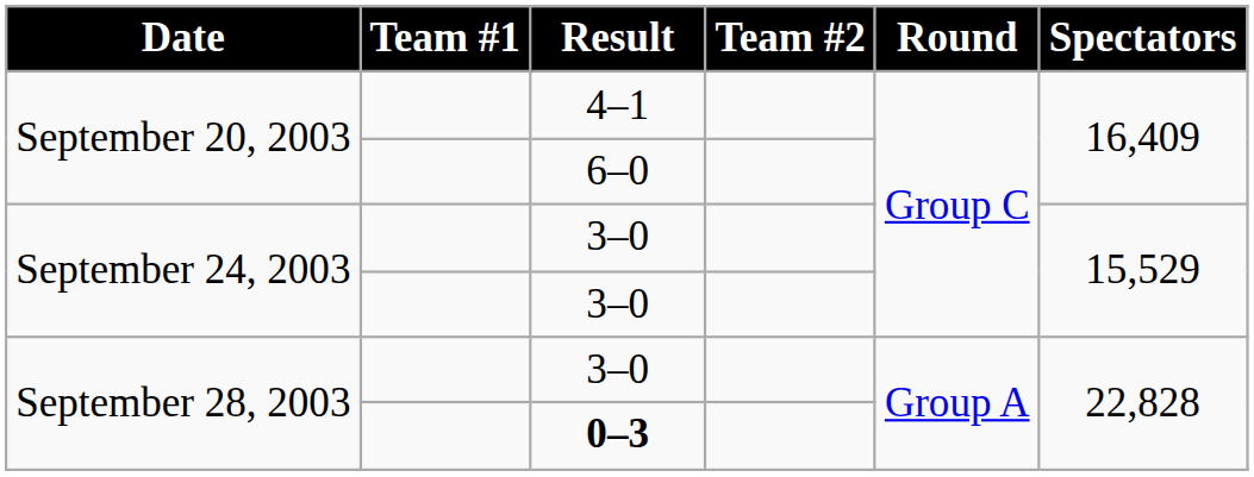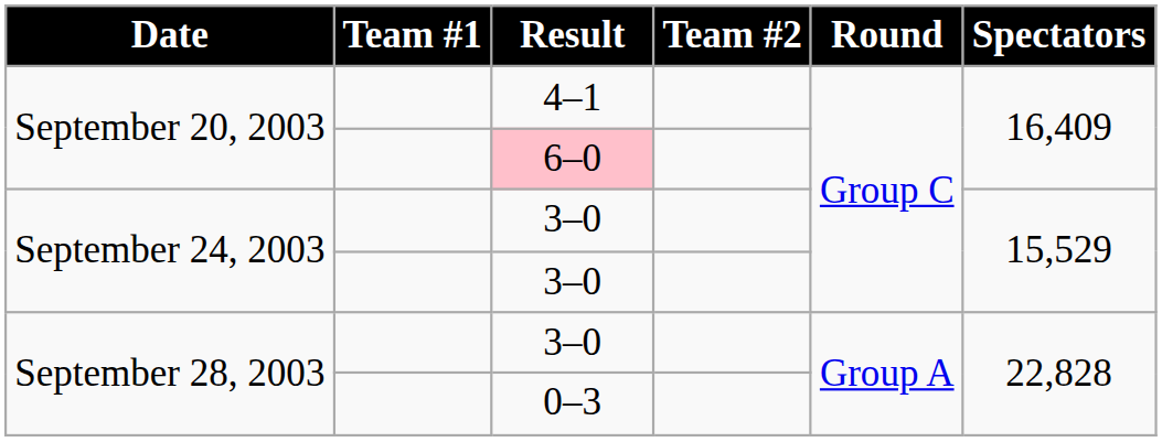 <table class="wikitable" style="text-align:center">
 <tr>
 <th style="background:#000; color:#FFF; ">Date</th>
 <th style="background:#000; color:#FFF; ">Team #1</th>
 <th width=60 style="background:#000; color:#FFF; ">Result</th>
 <th style="background:#000; color:#FFF; ">Team #2</th>
 <th style="background:#000; color:#FFF; ">Round</th>
 <th style="background:#000; color:#FFF; ">Spectators</th>
 </tr>
 <tr>
 <td rowspan=2>September 20, 2003</td>
 <td style="text-align:right;"></td>
 <td style="text-align:center;">4–1</td>
 <td align=left></td>
 <td rowspan=4><a href='#'>Group C</a></td>
 <td rowspan=2 style="text-align:center;">16,409</td>
 </tr>
 <tr>
 <td align=right></td>
-<td style="text-align:center;">6–0</td>
+<td style="background: pink; text-align:center;">6–0</td>
 <td align=left></td>
 </tr>
 <tr>
 <td rowspan=2>September 24, 2003</td>
 <td style="text-align:right;"></td>
 <td style="text-align:center;">3–0</td>
 <td align=left></td>
 <td rowspan=2 style="text-align:center;">15,529</td>
 </tr>
 <tr>
 <td style="text-align:right;"></td>
 <td style="text-align:center;">3–0</td>
 <td align=left></td>
 </tr>
 <tr>
 <td rowspan=2>September 28, 2003</td>
 <td style="text-align:right;"></td>
 <td style="text-align:center;">3–0</td>
 <td align=left></td>
 <td rowspan=2><a href='#'>Group A</a></td>
 <td rowspan=2 style="text-align:center;">22,828</td>
 </tr>
 <tr>
 <td style="text-align:right;"></td>
-<td style="text-align:center;"><strong>0–3</strong></td>
+<td style="text-align:center;">0–3</td>
 <td align=left></td>
 </tr>
 </table>
